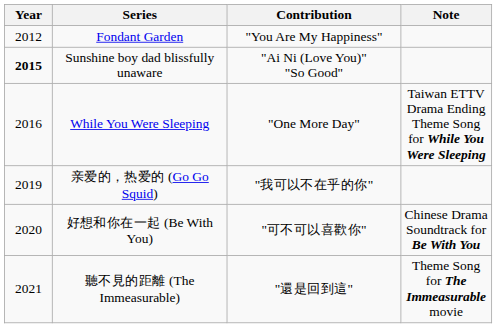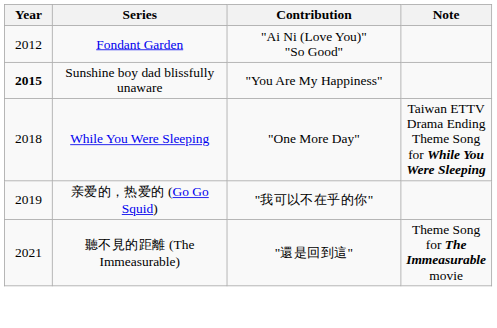 <table class="wikitable">
 <tr>
 <th style="width:50px;">Year</th>
 <th style="width:200px;">Series</th>
 <th style="width:200px;">Contribution</th>
 <th style="width:100px;">Note</th>
 </tr>
 <tr align= "center">
 <td style="text-align:center">2012</td>
 <td><a href='#'>Fondant Garden</a></td>
-<td>"You Are My Happiness"</td>
+<td>"Ai Ni (Love You)" <br> "So Good"</td>
 <td></td>
 </tr>
 <tr align= "center">
 <td><strong>2015</strong></td>
 <td>Sunshine boy dad blissfully unaware</td>
-<td>"Ai Ni (Love You)" <br> "So Good"</td>
+<td>"You Are My Happiness"</td>
 <td></td>
 </tr>
 <tr align= "center">
-<td>2016</td>
+<td>2018</td>
 <td><a href='#'>While You Were Sleeping</a></td>
 <td>"One More Day"</td>
 <td>Taiwan ETTV Drama Ending Theme Song for <strong><em>While You Were Sleeping</em></strong></td>
 </tr>
 <tr align= "center">
 <td>2019</td>
 <td>亲爱的，热爱的 (<a href='#'>Go Go Squid</a>)</td>
 <td>"我可以不在乎的你"</td>
 <td></td>
 </tr>
-<tr align= "center">
-<td>2020</td>
-<td>好想和你在一起 (Be With You)</td>
-<td>"可不可以喜歡你"</td>
-<td>Chinese Drama Soundtrack for <strong><em>Be With You</em></strong></td>
-</tr>
 <tr align="center">
 <td>2021</td>
 <td>聽不見的距離 (The Immeasurable)</td>
 <td>"還是回到這"</td>
 <td>Theme Song for <strong><em>The Immeasurable</em></strong> movie </td>
 </tr>
 </table>
